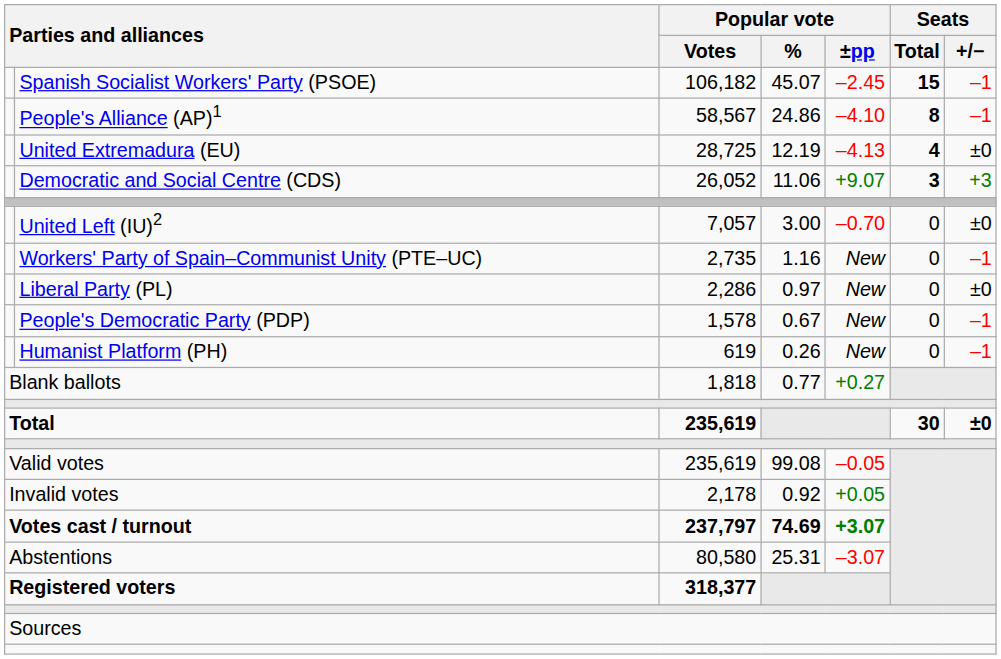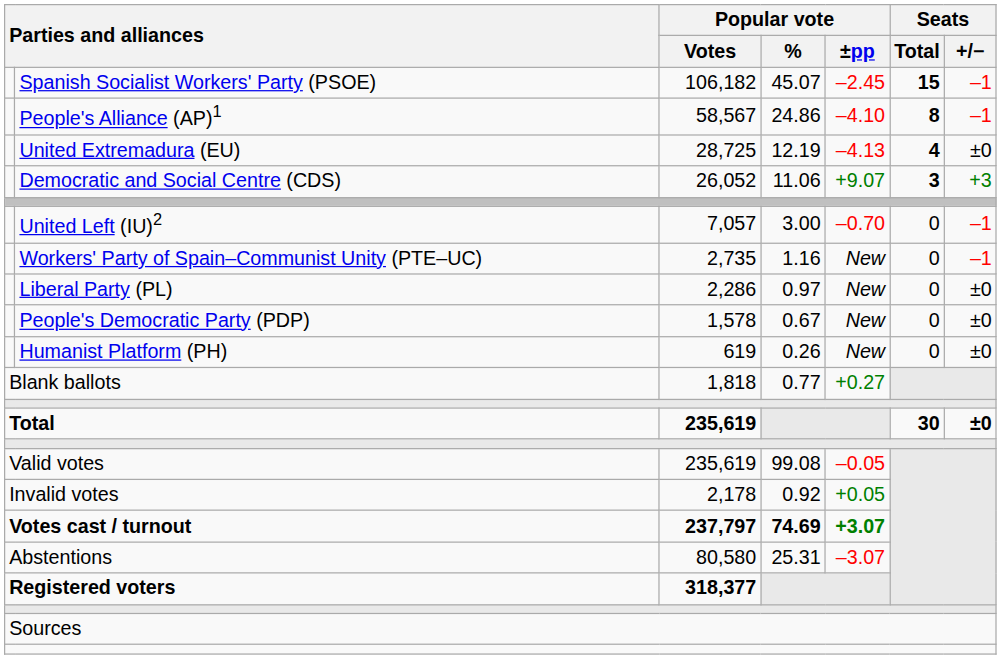 <table class="wikitable" style="text-align:right;">
 <tr>
 <th style="text-align:left;" rowspan="2" colspan="2" width="525">Parties and alliances</th>
 <th colspan="3">Popular vote</th>
 <th colspan="2">Seats</th>
 </tr>
 <tr>
 <th width="75">Votes</th>
 <th width="45">%</th>
 <th width="45">±<a href='#'>pp</a></th>
 <th width="35">Total</th>
 <th width="35">+/−</th>
 </tr>
 <tr>
 <td width="1" style="color:inherit;background:"></td>
 <td align="left"><a href='#'>Spanish Socialist Workers' Party</a> (PSOE)</td>
 <td>106,182</td>
 <td>45.07</td>
 <td style="color:red;">–2.45</td>
 <td><strong>15</strong></td>
 <td style="color:red;">–1</td>
 </tr>
 <tr>
 <td style="color:inherit;background:"></td>
 <td align="left"><a href='#'>People's Alliance</a> (AP)<sup>1</sup></td>
 <td>58,567</td>
 <td>24.86</td>
 <td style="color:red;">–4.10</td>
 <td><strong>8</strong></td>
 <td style="color:red;">–1</td>
 </tr>
 <tr>
 <td style="color:inherit;background:"></td>
 <td align="left"><a href='#'>United Extremadura</a> (EU)</td>
 <td>28,725</td>
 <td>12.19</td>
 <td style="color:red;">–4.13</td>
 <td><strong>4</strong></td>
 <td>±0</td>
 </tr>
 <tr>
 <td style="color:inherit;background:"></td>
 <td align="left"><a href='#'>Democratic and Social Centre</a> (CDS)</td>
 <td>26,052</td>
 <td>11.06</td>
 <td style="color:green;">+9.07</td>
 <td><strong>3</strong></td>
 <td style="color:green;">+3</td>
 </tr>
 <tr>
 <td colspan="7" bgcolor="#C0C0C0"></td>
 </tr>
 <tr>
 <td style="color:inherit;background:"></td>
 <td align="left"><a href='#'>United Left</a> (IU)<sup>2</sup></td>
 <td>7,057</td>
 <td>3.00</td>
 <td style="color:red;">–0.70</td>
 <td>0</td>
-<td>±0</td>
+<td style="color:red;">–1</td>
 </tr>
 <tr>
 <td style="color:inherit;background:"></td>
 <td align="left"><a href='#'>Workers' Party of Spain–Communist Unity</a> (PTE–UC)</td>
 <td>2,735</td>
 <td>1.16</td>
 <td><em>New</em></td>
 <td>0</td>
 <td style="color:red;">–1</td>
 </tr>
 <tr>
 <td style="color:inherit;background:"></td>
 <td align="left"><a href='#'>Liberal Party</a> (PL)</td>
 <td>2,286</td>
 <td>0.97</td>
 <td><em>New</em></td>
 <td>0</td>
 <td>±0</td>
 </tr>
 <tr>
 <td style="color:inherit;background:"></td>
 <td align="left"><a href='#'>People's Democratic Party</a> (PDP)</td>
 <td>1,578</td>
 <td>0.67</td>
 <td><em>New</em></td>
 <td>0</td>
-<td style="color:red;">–1</td>
+<td>±0</td>
 </tr>
 <tr>
 <td style="color:inherit;background:"></td>
 <td align="left"><a href='#'>Humanist Platform</a> (PH)</td>
 <td>619</td>
 <td>0.26</td>
 <td><em>New</em></td>
 <td>0</td>
-<td style="color:red;">–1</td>
+<td>±0</td>
 </tr>
 <tr>
 <td align="left" colspan="2">Blank ballots</td>
 <td>1,818</td>
 <td>0.77</td>
 <td style="color:green;">+0.27</td>
 <td bgcolor="#E9E9E9" colspan="2"></td>
 </tr>
 <tr>
 <td colspan="7" bgcolor="#E9E9E9"></td>
 </tr>
 <tr style="font-weight:bold;">
 <td align="left" colspan="2">Total</td>
 <td>235,619</td>
 <td bgcolor="#E9E9E9" colspan="2"></td>
 <td>30</td>
 <td>±0</td>
 </tr>
 <tr>
 <td colspan="7" bgcolor="#E9E9E9"></td>
 </tr>
 <tr>
 <td align="left" colspan="2">Valid votes</td>
 <td>235,619</td>
 <td>99.08</td>
 <td style="color:red;">–0.05</td>
 <td bgcolor="#E9E9E9" colspan="2" rowspan="5"></td>
 </tr>
 <tr>
 <td align="left" colspan="2">Invalid votes</td>
 <td>2,178</td>
 <td>0.92</td>
 <td style="color:green;">+0.05</td>
 </tr>
 <tr style="font-weight:bold;">
 <td align="left" colspan="2">Votes cast / turnout</td>
 <td>237,797</td>
 <td>74.69</td>
 <td style="color:green;">+3.07</td>
 </tr>
 <tr>
 <td align="left" colspan="2">Abstentions</td>
 <td>80,580</td>
 <td>25.31</td>
 <td style="color:red;">–3.07</td>
 </tr>
 <tr style="font-weight:bold;">
 <td align="left" colspan="2">Registered voters</td>
 <td>318,377</td>
 <td bgcolor="#E9E9E9" colspan="2"></td>
 </tr>
 <tr>
 <td colspan="7" bgcolor="#E9E9E9"></td>
 </tr>
 <tr>
 <td align="left" colspan="7">Sources</td>
 </tr>
 <tr>
 <td colspan="7" style="text-align:left; max-width:790px;"></td>
 </tr>
 </table>
